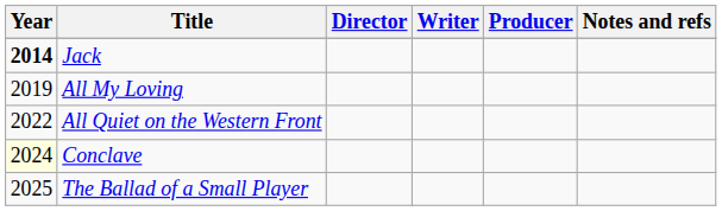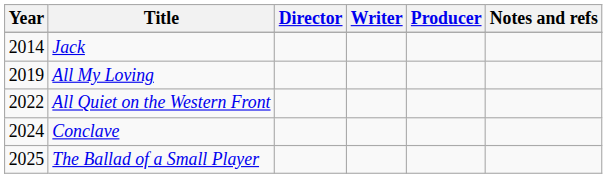 <table class="wikitable">
 <tr>
 <th>Year</th>
 <th>Title</th>
 <th><a href='#'>Director</a></th>
 <th><a href='#'>Writer</a></th>
 <th><a href='#'>Producer</a></th>
 <th>Notes and refs</th>
 </tr>
 <tr>
 </tr>
 <tr>
-<td><strong>2014</strong></td>
+<td>2014</td>
 <td><em><a href='#'>Jack</a></em></td>
 <td></td>
 <td></td>
 <td></td>
 <td></td>
 </tr>
 <tr>
 <td>2019</td>
 <td><em><a href='#'>All My Loving</a></em></td>
 <td></td>
 <td></td>
 <td></td>
 <td></td>
 </tr>
 <tr>
 <td>2022</td>
 <td><em><a href='#'>All Quiet on the Western Front</a></em></td>
 <td></td>
 <td></td>
 <td></td>
 <td></td>
 </tr>
 <tr>
-<td style="background: lightyellow;">2024</td>
+<td>2024</td>
 <td><em><a href='#'>Conclave</a></em></td>
 <td></td>
 <td></td>
 <td></td>
 <td></td>
 </tr>
 <tr>
 <td>2025</td>
 <td><em><a href='#'>The Ballad of a Small Player</a></em></td>
 <td></td>
 <td></td>
 <td></td>
 <td></td>
 </tr>
 </table>
